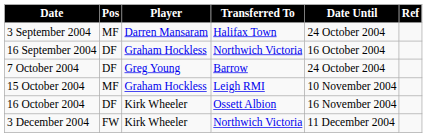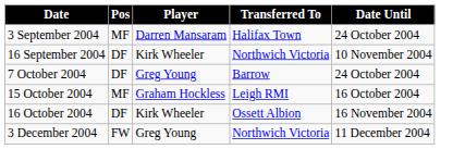 <table class="wikitable plainrowheaders sortable">
 <tr>
 <th style="background:#000000; color:#FFFFFF; ">Date</th>
 <th style="background:#000000; color:#FFFFff; ">Pos</th>
 <th style="background:#000000; color:#FFFFff; ">Player</th>
 <th style="background:#000000; color:#FFFFff; ">Transferred To</th>
 <th style="background:#000000; color:#FFFFff; ">Date Until</th>
-<th style="background:#000000; color:#FFFFff; ">Ref</th>
 </tr>
 <tr>
 <td>3 September 2004</td>
 <td>MF</td>
 <td> <a href='#'>Darren Mansaram</a></td>
 <td> <a href='#'>Halifax Town</a></td>
 <td>24 October 2004</td>
-<td></td>
 </tr>
 <tr>
 <td>16 September 2004</td>
 <td>DF</td>
-<td> <a href='#'>Graham Hockless</a></td>
+<td> Kirk Wheeler</td>
 <td> <a href='#'>Northwich Victoria</a></td>
-<td>16 October 2004</td>
-<td></td>
+<td>10 November 2004</td>
 </tr>
 <tr>
 <td>7 October 2004</td>
 <td>DF</td>
 <td> <a href='#'>Greg Young</a></td>
 <td> <a href='#'>Barrow</a></td>
 <td>24 October 2004</td>
-<td></td>
 </tr>
 <tr>
 <td>15 October 2004</td>
 <td>MF</td>
 <td> <a href='#'>Graham Hockless</a></td>
 <td> <a href='#'>Leigh RMI</a></td>
-<td>10 November 2004</td>
-<td></td>
+<td>16 October 2004</td>
 </tr>
 <tr>
 <td>16 October 2004</td>
 <td>DF</td>
 <td> Kirk Wheeler</td>
 <td> <a href='#'>Ossett Albion</a></td>
 <td>16 November 2004</td>
-<td></td>
 </tr>
 <tr>
 <td>3 December 2004</td>
 <td>FW</td>
-<td> Kirk Wheeler</td>
+<td> Greg Young</td>
 <td> <a href='#'>Northwich Victoria</a></td>
 <td>11 December 2004</td>
-<td></td>
 </tr>
 </table>
